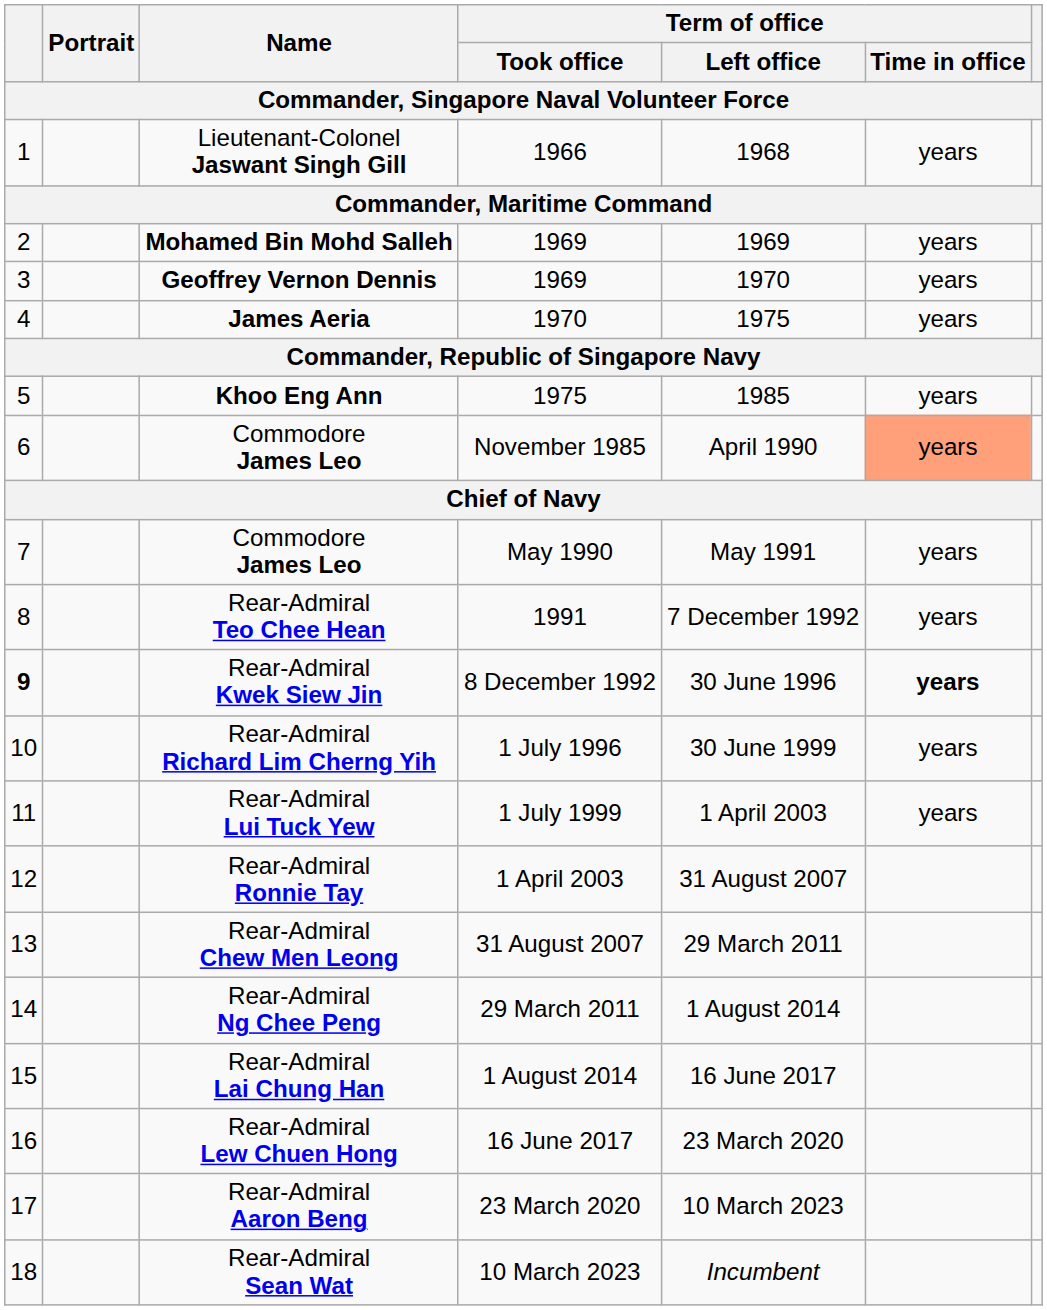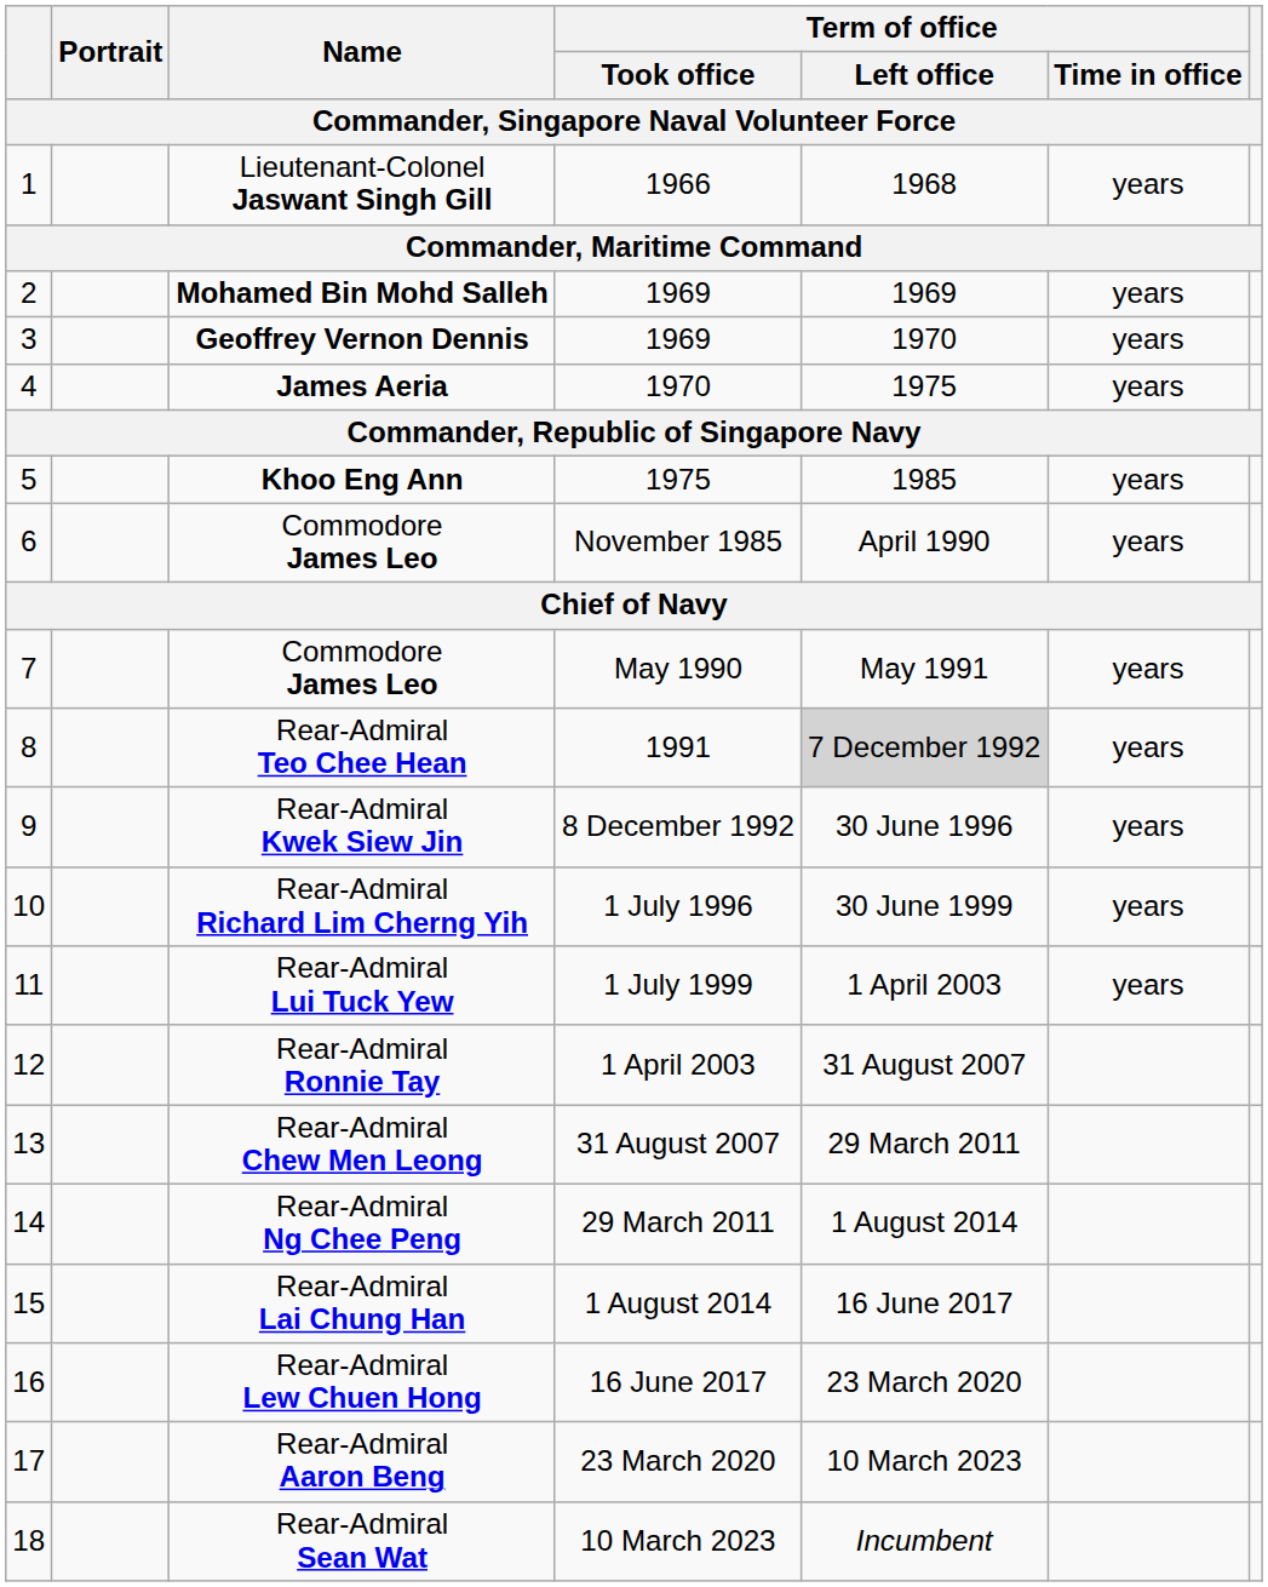 <table class="wikitable" style="text-align:center">
 <tr>
 <th rowspan=2></th>
 <th rowspan=2>Portrait</th>
 <th rowspan=2>Name<br></th>
 <th colspan=3>Term of office</th>
 <th rowspan=2></th>
 </tr>
 <tr>
 <th>Took office</th>
 <th>Left office</th>
 <th>Time in office</th>
 </tr>
 <tr>
 <th colspan=7>Commander, Singapore Naval Volunteer Force</th>
 </tr>
 <tr>
 <td>1</td>
 <td></td>
 <td>Lieutenant-Colonel<br><strong>Jaswant Singh Gill</strong><br></td>
 <td>1966</td>
 <td>1968</td>
 <td> years</td>
 <td></td>
 </tr>
 <tr>
 <th colspan=7>Commander, Maritime Command</th>
 </tr>
 <tr>
 <td>2</td>
 <td></td>
 <td><strong>Mohamed Bin Mohd Salleh</strong></td>
 <td>1969</td>
 <td>1969</td>
 <td> years</td>
 <td></td>
 </tr>
 <tr>
 <td>3</td>
 <td></td>
 <td><strong>Geoffrey Vernon Dennis</strong></td>
 <td>1969</td>
 <td>1970</td>
 <td> years</td>
 <td></td>
 </tr>
 <tr>
 <td>4</td>
 <td></td>
 <td><strong>James Aeria</strong></td>
 <td>1970</td>
 <td>1975</td>
 <td> years</td>
 <td></td>
 </tr>
 <tr>
 <th colspan=7>Commander, Republic of Singapore Navy</th>
 </tr>
 <tr>
 <td>5</td>
 <td></td>
 <td><strong>Khoo Eng Ann</strong></td>
 <td>1975</td>
 <td>1985</td>
 <td> years</td>
 <td></td>
 </tr>
 <tr>
 <td>6</td>
 <td></td>
 <td>Commodore<br><strong>James Leo</strong></td>
 <td>November 1985</td>
 <td>April 1990</td>
-<td style="background: lightsalmon;"> years</td>
+<td> years</td>
 <td></td>
 </tr>
 <tr>
 <th colspan=7>Chief of Navy</th>
 </tr>
 <tr>
 <td>7</td>
 <td></td>
 <td>Commodore<br><strong>James Leo</strong></td>
 <td>May 1990</td>
 <td>May 1991</td>
 <td> years</td>
 <td></td>
 </tr>
 <tr>
 <td>8</td>
 <td></td>
 <td>Rear-Admiral<br><strong><a href='#'>Teo Chee Hean</a></strong><br></td>
 <td>1991</td>
-<td>7 December 1992</td>
+<td style="background: lightgrey;">7 December 1992</td>
 <td> years</td>
 <td></td>
 </tr>
 <tr>
-<td><strong>9</strong></td>
+<td>9</td>
 <td></td>
 <td>Rear-Admiral<br><strong><a href='#'>Kwek Siew Jin</a></strong></td>
 <td>8 December 1992</td>
 <td>30 June 1996</td>
-<td><strong> years</strong></td>
+<td> years</td>
 <td></td>
 </tr>
 <tr>
 <td>10</td>
 <td></td>
 <td>Rear-Admiral<br><strong><a href='#'>Richard Lim Cherng Yih</a></strong></td>
 <td>1 July 1996</td>
 <td>30 June 1999</td>
 <td> years</td>
 <td></td>
 </tr>
 <tr>
 <td>11</td>
 <td></td>
 <td>Rear-Admiral<br><strong><a href='#'>Lui Tuck Yew</a></strong><br></td>
 <td>1 July 1999</td>
 <td>1 April 2003</td>
 <td> years</td>
 <td></td>
 </tr>
 <tr>
 <td>12</td>
 <td></td>
 <td>Rear-Admiral<br><strong><a href='#'>Ronnie Tay</a></strong><br></td>
 <td>1 April 2003</td>
 <td>31 August 2007</td>
 <td></td>
 <td></td>
 </tr>
 <tr>
 <td>13</td>
 <td></td>
 <td>Rear-Admiral<br><strong><a href='#'>Chew Men Leong</a></strong></td>
 <td>31 August 2007</td>
 <td>29 March 2011</td>
 <td></td>
 <td></td>
 </tr>
 <tr>
 <td>14</td>
 <td></td>
 <td>Rear-Admiral<br><strong><a href='#'>Ng Chee Peng</a></strong></td>
 <td>29 March 2011</td>
 <td>1 August 2014</td>
 <td></td>
 <td></td>
 </tr>
 <tr>
 <td>15</td>
 <td></td>
 <td>Rear-Admiral<br><strong><a href='#'>Lai Chung Han</a></strong></td>
 <td>1 August 2014</td>
 <td>16 June 2017</td>
 <td></td>
 <td></td>
 </tr>
 <tr>
 <td>16</td>
 <td></td>
 <td>Rear-Admiral<br><strong><a href='#'>Lew Chuen Hong</a></strong><br></td>
 <td>16 June 2017</td>
 <td>23 March 2020</td>
 <td></td>
 <td></td>
 </tr>
 <tr>
 <td>17</td>
 <td></td>
 <td>Rear-Admiral<br><strong><a href='#'>Aaron Beng</a></strong><br></td>
 <td>23 March 2020</td>
 <td>10 March 2023</td>
 <td></td>
 <td></td>
 </tr>
 <tr>
 <td>18</td>
 <td></td>
 <td>Rear-Admiral<br><strong><a href='#'>Sean Wat</a></strong></td>
 <td>10 March 2023</td>
 <td><em>Incumbent</em></td>
 <td></td>
 <td></td>
 </tr>
 </table>
